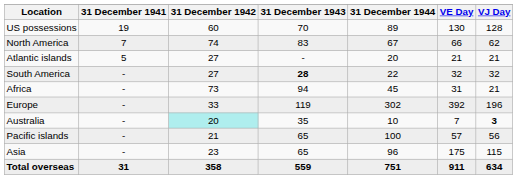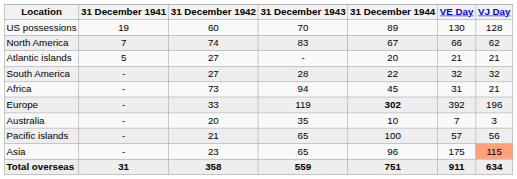 <table align=center class="wikitable">
 <tr>
 </tr>
 <tr>
 <th>Location</th>
 <th>31 December 1941</th>
 <th>31 December 1942</th>
 <th>31 December 1943</th>
 <th>31 December 1944</th>
 <th><a href='#'>VE Day</a></th>
 <th><a href='#'>VJ Day</a></th>
 </tr>
 <tr>
 <td>US possessions</td>
 <td align=center>19</td>
 <td align=center>60</td>
 <td align=center>70</td>
 <td align=center>89</td>
 <td align=center>130</td>
 <td align=center>128</td>
 </tr>
 <tr style="background: #eeeeee;">
 <td>North America</td>
 <td align=center>7</td>
 <td align=center>74</td>
 <td align=center>83</td>
 <td align=center>67</td>
 <td align=center>66</td>
 <td align=center>62</td>
 </tr>
 <tr>
 <td>Atlantic islands</td>
 <td align=center>5</td>
 <td align=center>27</td>
 <td align=center>-</td>
 <td align=center>20</td>
 <td align=center>21</td>
 <td align=center>21</td>
 </tr>
 <tr style="background: #eeeeee;">
 <td>South America</td>
 <td align=center>-</td>
 <td align=center>27</td>
-<td align=center><strong>28</strong></td>
+<td align=center>28</td>
 <td align=center>22</td>
 <td align=center>32</td>
 <td align=center>32</td>
 </tr>
 <tr>
 <td>Africa</td>
 <td align=center>-</td>
 <td align=center>73</td>
 <td align=center>94</td>
 <td align=center>45</td>
 <td align=center>31</td>
 <td align=center>21</td>
 </tr>
 <tr style="background: #eeeeee;">
 <td>Europe</td>
 <td align=center>-</td>
 <td align=center>33</td>
 <td align=center>119</td>
-<td align=center>302</td>
+<td align=center><strong>302</strong></td>
 <td align=center>392</td>
 <td align=center>196</td>
 </tr>
 <tr>
 <td>Australia</td>
 <td align=center>-</td>
-<td align=center style="background: paleturquoise;">20</td>
+<td align=center>20</td>
 <td align=center>35</td>
 <td align=center>10</td>
 <td align=center>7</td>
-<td align=center><strong>3</strong></td>
+<td align=center>3</td>
 </tr>
 <tr style="background: #eeeeee;">
 <td>Pacific islands</td>
 <td align=center>-</td>
 <td align=center>21</td>
 <td align=center>65</td>
 <td align=center>100</td>
 <td align=center>57</td>
 <td align=center>56</td>
 </tr>
 <tr>
 <td>Asia</td>
 <td align=center>-</td>
 <td align=center>23</td>
 <td align=center>65</td>
 <td align=center>96</td>
 <td align=center>175</td>
-<td align=center>115</td>
+<td align=center style="background: lightsalmon;">115</td>
 </tr>
 <tr style="background: #eeeeee;">
 <td><strong>Total overseas</strong></td>
 <td align=center><strong>31</strong></td>
 <td align=center><strong>358</strong></td>
 <td align=center><strong>559</strong></td>
 <td align=center><strong>751</strong></td>
 <td align=center><strong>911</strong></td>
 <td align=center><strong>634</strong></td>
 </tr>
 </table>
